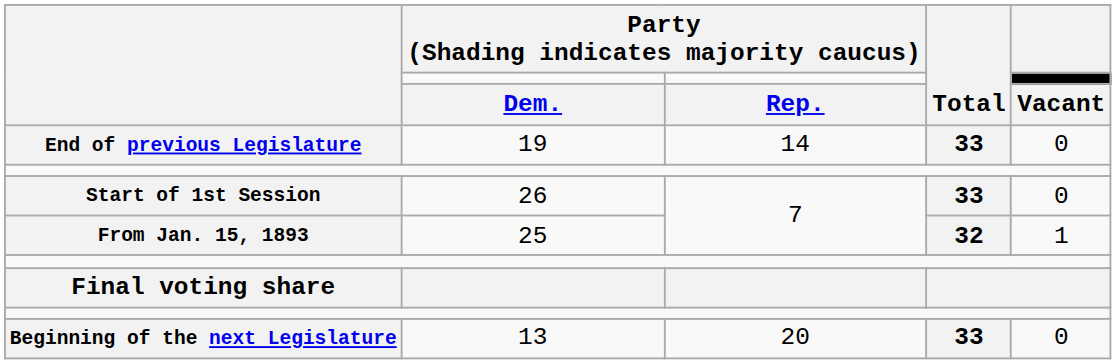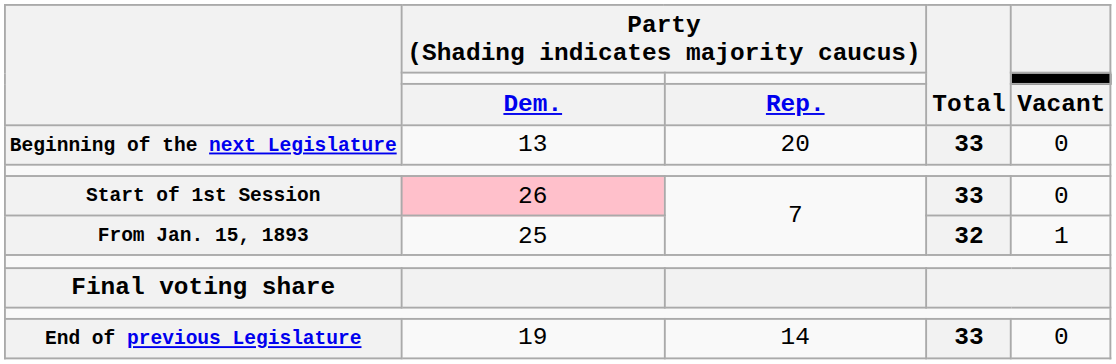 <table class=wikitable style="text-align:center">
 <tr style="vertical-align:bottom;">
 <th rowspan=3></th>
 <th colspan=2>Party <div>(Shading indicates majority caucus)</div></th>
 <th rowspan=3>Total</th>
 <th></th>
 </tr>
 <tr style="height:5px">
 <td style="background-color:"></td>
 <td style="background-color:"></td>
 <td style="background:black;"></td>
 </tr>
 <tr>
 <th><a href='#'>Dem.</a></th>
 <th><a href='#'>Rep.</a></th>
 <th>Vacant</th>
 </tr>
 <tr>
-<th style="font-size:80%;">End of <a href='#'>previous Legislature</a></th>
-<td>19</td>
-<td>14</td>
+<th style="font-size:80%;">Beginning of the <a href='#'>next Legislature</a></th>
+<td>13</td>
+<td>20</td>
 <th>33</th>
 <td>0</td>
 </tr>
 <tr>
 <td colspan=5></td>
 </tr>
 <tr>
 <th style="font-size:80%;">Start of 1st Session</th>
-<td>26</td>
+<td style="background: pink;">26</td>
 <td rowspan="2">7</td>
 <th>33</th>
 <td>0</td>
 </tr>
 <tr>
 <th style="font-size:80%;">From Jan. 15, 1893</th>
 <td>25</td>
 <th>32</th>
 <td>1</td>
 </tr>
 <tr>
 <td colspan=5></td>
 </tr>
 <tr>
 <th>Final voting share</th>
 <th></th>
 <th></th>
 <th colspan=2></th>
 </tr>
 <tr>
 <td colspan=5></td>
 </tr>
 <tr>
-<th style="font-size:80%;">Beginning of the <a href='#'>next Legislature</a></th>
-<td>13</td>
-<td>20</td>
+<th style="font-size:80%;">End of <a href='#'>previous Legislature</a></th>
+<td>19</td>
+<td>14</td>
 <th>33</th>
 <td>0</td>
 </tr>
 </table>
